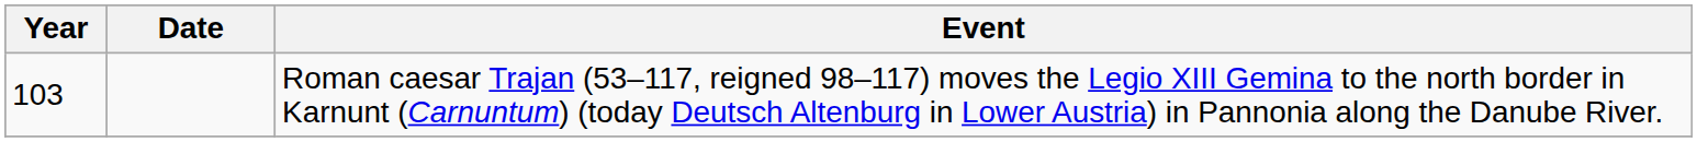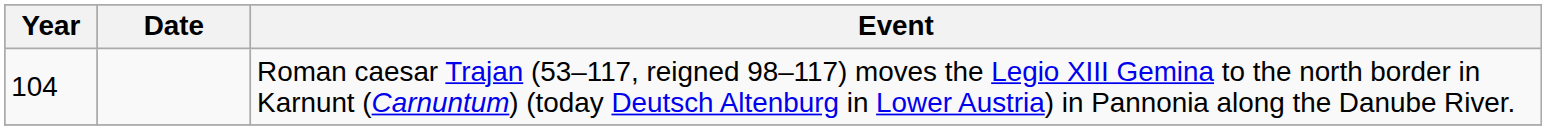 <table class="wikitable" width="100%">
 <tr>
 <th style="width:6%">Year</th>
 <th style="width:10%">Date</th>
 <th>Event</th>
 </tr>
 <tr>
-<td>103</td>
+<td>104</td>
 <td></td>
 <td>Roman caesar <a href='#'>Trajan</a> (53–117, reigned 98–117) moves the <a href='#'>Legio XIII Gemina</a> to the north border in Karnunt (<em><a href='#'>Carnuntum</a></em>) (today <a href='#'>Deutsch Altenburg</a> in <a href='#'>Lower Austria</a>) in Pannonia along the Danube River.</td>
 </tr>
 </table>
